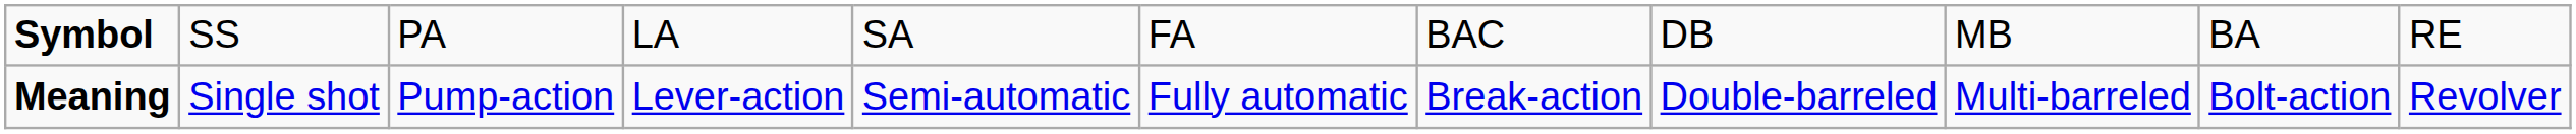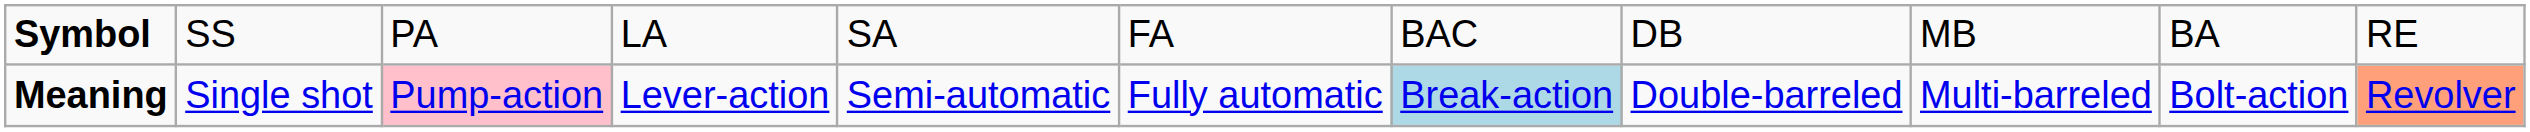 <table class="wikitable">
 <tr>
 <td><strong>Symbol</strong></td>
 <td>SS</td>
 <td>PA</td>
 <td>LA</td>
 <td>SA</td>
 <td>FA</td>
 <td>BAC</td>
 <td>DB</td>
 <td>MB</td>
 <td>BA</td>
 <td>RE</td>
 </tr>
 <tr>
 <td><strong>Meaning</strong></td>
 <td><a href='#'>Single shot</a></td>
-<td><a href='#'>Pump-action</a></td>
+<td style="background: pink;"><a href='#'>Pump-action</a></td>
 <td><a href='#'>Lever-action</a></td>
 <td><a href='#'>Semi-automatic</a></td>
 <td><a href='#'>Fully automatic</a></td>
-<td><a href='#'>Break-action</a></td>
+<td style="background: lightblue;"><a href='#'>Break-action</a></td>
 <td><a href='#'>Double-barreled</a></td>
 <td><a href='#'>Multi-barreled</a></td>
 <td><a href='#'>Bolt-action</a></td>
-<td><a href='#'>Revolver</a></td>
+<td style="background: lightsalmon;"><a href='#'>Revolver</a></td>
 </tr>
 </table>
